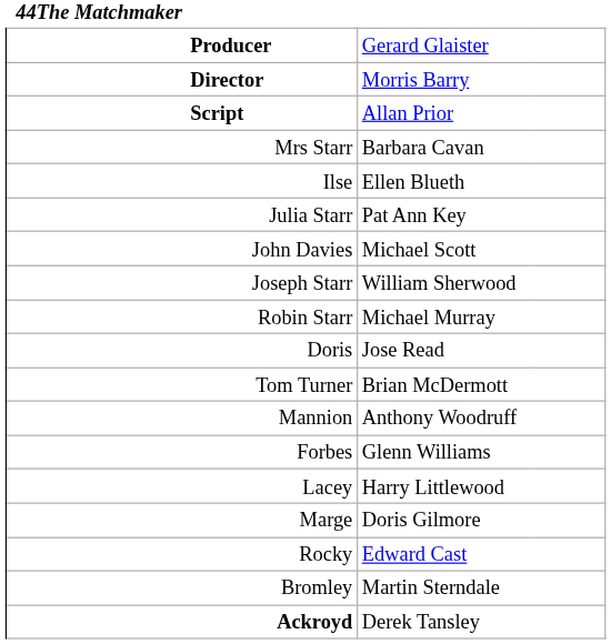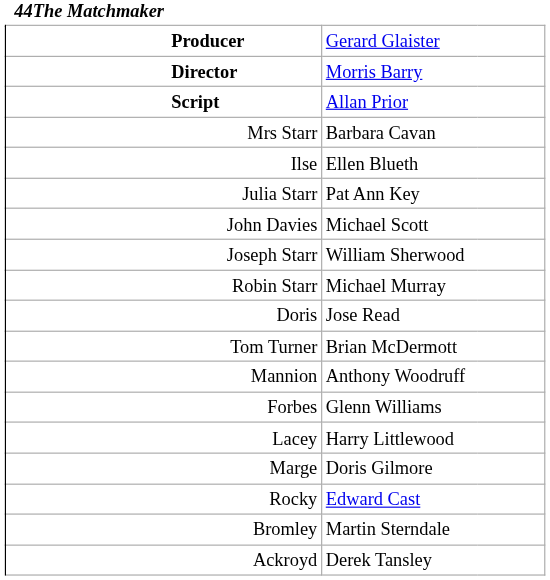 <table class="wikitable mw-collapsible mw-collapsed" style="vertical-align:top;margin:auto 2em;line-height:1.2;min-width:33em;display: inline-table;background-color:inherit;border:none;">
 <tr>
 <td class=unsortable style="border:hidden;line-height:1.67;text-align:center;margin-left:-1em;padding-left:0.5em;min-width:1.0em;"></td>
 <td class=unsortable style="border:none;padding-left:0.5em;text-align:left;min-width:16.5em;font-weight:700;font-style:italic;">44The Matchmaker</td>
 <td class=unsortable style="border:none;text-align:right;font-weight:normal;font-family:Courier;font-size:95%;letter-spacing:-1pt;min-width:8.5em;padding-right:0.2em;"></td>
 <td class=unsortable style="border:hidden;min-width:3.5em;padding-left:0;"></td>
 <td class=unsortable style="border:hidden;min-width:3.5em;font-size:95%;"></td>
 </tr>
 <tr>
 <td rowspan=100 style="border:none thin;border-right-style :solid;"></td>
 </tr>
 <tr>
 <td style="text-align:left;padding-left:9.0em;font-weight:bold;">Producer</td>
 <td colspan=2><a href='#'>Gerard Glaister</a></td>
 </tr>
 <tr>
 <td style="text-align:left;padding-left:9.0em;font-weight:bold;">Director</td>
 <td colspan=2><a href='#'>Morris Barry</a></td>
 </tr>
 <tr>
 <td style="text-align:left;padding-left:9.0em;font-weight:bold;">Script</td>
 <td colspan=2><a href='#'>Allan Prior</a></td>
 </tr>
 <tr>
 <td style="text-align:right;">Mrs Starr</td>
 <td colspan=2>Barbara Cavan</td>
 </tr>
 <tr>
 <td style="text-align:right;">Ilse</td>
 <td colspan=2>Ellen Blueth</td>
 </tr>
 <tr>
 <td style="text-align:right;">Julia Starr</td>
 <td colspan=2>Pat Ann Key</td>
 </tr>
 <tr>
 <td style="text-align:right;">John Davies</td>
 <td colspan=2>Michael Scott</td>
 </tr>
 <tr>
 <td style="text-align:right;">Joseph Starr</td>
 <td colspan=2>William Sherwood</td>
 </tr>
 <tr>
 <td style="text-align:right;">Robin Starr</td>
 <td colspan=2>Michael Murray</td>
 </tr>
 <tr>
 <td style="text-align:right;">Doris</td>
 <td colspan=2>Jose Read</td>
 </tr>
 <tr>
 <td style="text-align:right;">Tom Turner</td>
 <td colspan=2>Brian McDermott</td>
 </tr>
 <tr>
 <td style="text-align:right;">Mannion</td>
 <td colspan=2>Anthony Woodruff</td>
 </tr>
 <tr>
 <td style="text-align:right;">Forbes</td>
 <td colspan=2>Glenn Williams</td>
 </tr>
 <tr>
 <td style="text-align:right;">Lacey</td>
 <td colspan=2>Harry Littlewood</td>
 </tr>
 <tr>
 <td style="text-align:right;">Marge</td>
 <td colspan=2>Doris Gilmore</td>
 </tr>
 <tr>
 <td style="text-align:right;">Rocky</td>
 <td colspan=2><a href='#'>Edward Cast</a></td>
 </tr>
 <tr>
 <td style="text-align:right;">Bromley</td>
 <td colspan=2>Martin Sterndale</td>
 </tr>
 <tr>
-<td style="text-align:right;"><strong>Ackroyd</strong></td>
+<td style="text-align:right;">Ackroyd</td>
 <td colspan=2>Derek Tansley</td>
 </tr>
 </table>
